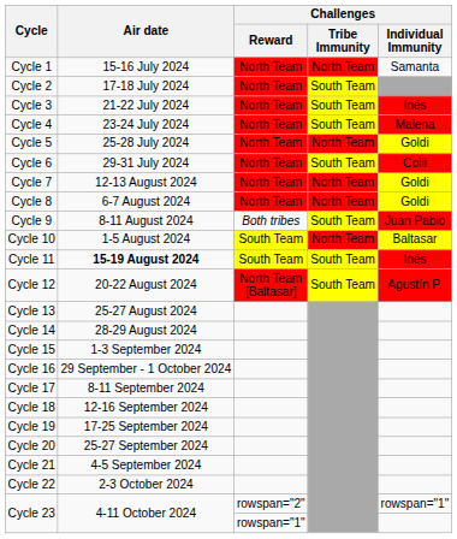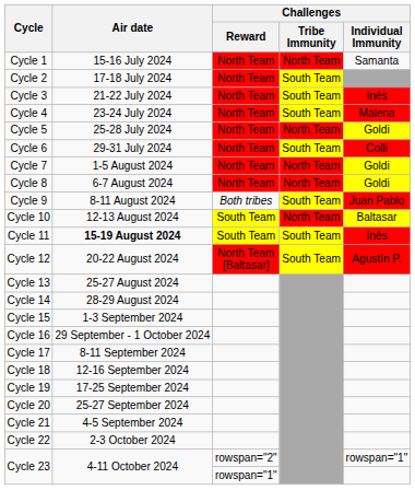 <table class="wikitable" style="margin:auto; text-align:center">
 <tr>
 <th rowspan="2">Cycle</th>
 <th rowspan="2">Air date</th>
 <th colspan="3">Challenges</th>
 </tr>
 <tr>
 <th>Reward</th>
 <th>Tribe<br> Immunity</th>
 <th>Individual <br>Immunity</th>
 </tr>
 <tr>
 <td>Cycle 1</td>
 <td>15-16 July 2024</td>
 <td bgcolor="red">North Team</td>
 <td bgcolor="red">North Team</td>
 <td>Samanta </td>
 </tr>
 <tr>
 <td>Cycle 2</td>
 <td>17-18 July 2024</td>
 <td bgcolor="red">North Team</td>
 <td bgcolor="yellow">South Team</td>
 <td bgcolor="darkgrey"></td>
 </tr>
 <tr>
 <td>Cycle 3</td>
 <td>21-22 July 2024</td>
 <td bgcolor="red">North Team</td>
 <td bgcolor="yellow">South Team</td>
 <td bgcolor="red">Inés</td>
 </tr>
 <tr>
 <td>Cycle 4</td>
 <td>23-24 July 2024</td>
 <td bgcolor="red">North Team</td>
 <td bgcolor="yellow">South Team</td>
 <td bgcolor="red">Malena</td>
 </tr>
 <tr>
 <td>Cycle 5</td>
 <td>25-28 July 2024</td>
 <td bgcolor="red">North Team</td>
 <td bgcolor="red">North Team</td>
 <td bgcolor="yellow">Goldi</td>
 </tr>
 <tr>
 <td>Cycle 6</td>
 <td>29-31 July 2024</td>
 <td bgcolor="red">North Team</td>
 <td bgcolor="yellow">South Team</td>
 <td bgcolor="red">Colli</td>
 </tr>
 <tr>
 <td>Cycle 7</td>
-<td>12-13 August 2024</td>
+<td>1-5 August 2024</td>
 <td bgcolor="red">North Team</td>
 <td bgcolor="red">North Team</td>
 <td bgcolor="yellow">Goldi</td>
 </tr>
 <tr>
 <td>Cycle 8</td>
 <td>6-7 August 2024</td>
 <td bgcolor="red">North Team</td>
 <td bgcolor="red">North Team</td>
 <td bgcolor="yellow">Goldi</td>
 </tr>
 <tr>
 <td>Cycle 9</td>
 <td>8-11 August 2024</td>
 <td><em>Both tribes</em></td>
 <td bgcolor="yellow">South Team</td>
 <td bgcolor="red">Juan Pablo</td>
 </tr>
 <tr>
 <td>Cycle 10</td>
-<td>1-5 August 2024</td>
+<td>12-13 August 2024</td>
 <td bgcolor="yellow">South Team</td>
 <td bgcolor="red">North Team</td>
 <td bgcolor="yellow">Baltasar</td>
 </tr>
 <tr>
 <td>Cycle 11</td>
 <td><strong>15-19 August 2024</strong></td>
 <td bgcolor="yellow">South Team</td>
 <td bgcolor="yellow">South Team</td>
 <td bgcolor="red">Inés</td>
 </tr>
 <tr>
 <td>Cycle 12</td>
 <td>20-22 August 2024</td>
 <td bgcolor="red">North Team<br> [Baltasar]</td>
 <td bgcolor="yellow">South Team</td>
 <td bgcolor="red">Agustín P.</td>
 </tr>
 <tr>
 <td>Cycle 13</td>
 <td>25-27 August 2024</td>
 <td></td>
 <td rowspan="55"  bgcolor="darkgrey"></td>
 <td></td>
 </tr>
 <tr>
 <td>Cycle 14</td>
 <td>28-29 August 2024</td>
 <td></td>
 <td></td>
 </tr>
 <tr>
 <td>Cycle 15</td>
 <td>1-3 September 2024</td>
 <td></td>
 <td></td>
 </tr>
 <tr>
 <td>Cycle 16</td>
 <td>29 September - 1 October 2024</td>
 <td></td>
 <td></td>
 </tr>
 <tr>
 <td>Cycle 17</td>
 <td>8-11 September 2024</td>
 <td></td>
 <td></td>
 </tr>
 <tr>
 <td>Cycle 18</td>
 <td>12-16 September 2024</td>
 <td></td>
 <td></td>
 </tr>
 <tr>
 <td>Cycle 19</td>
 <td>17-25 September 2024</td>
 <td></td>
 <td></td>
 </tr>
 <tr>
 <td>Cycle 20</td>
 <td>25-27 September 2024</td>
 <td></td>
 <td></td>
 </tr>
 <tr>
 <td>Cycle 21</td>
 <td>4-5 September 2024</td>
 <td></td>
 <td></td>
 </tr>
 <tr>
 <td>Cycle 22</td>
 <td>2-3 October 2024</td>
 <td></td>
 <td></td>
 </tr>
 <tr>
 <td rowspan="2">Cycle 23</td>
 <td rowspan="2">4-11 October 2024</td>
 <td>rowspan="2" </td>
 <td>rowspan="1" </td>
 </tr>
 <tr>
 <td>rowspan="1" </td>
 </tr>
 </table>
